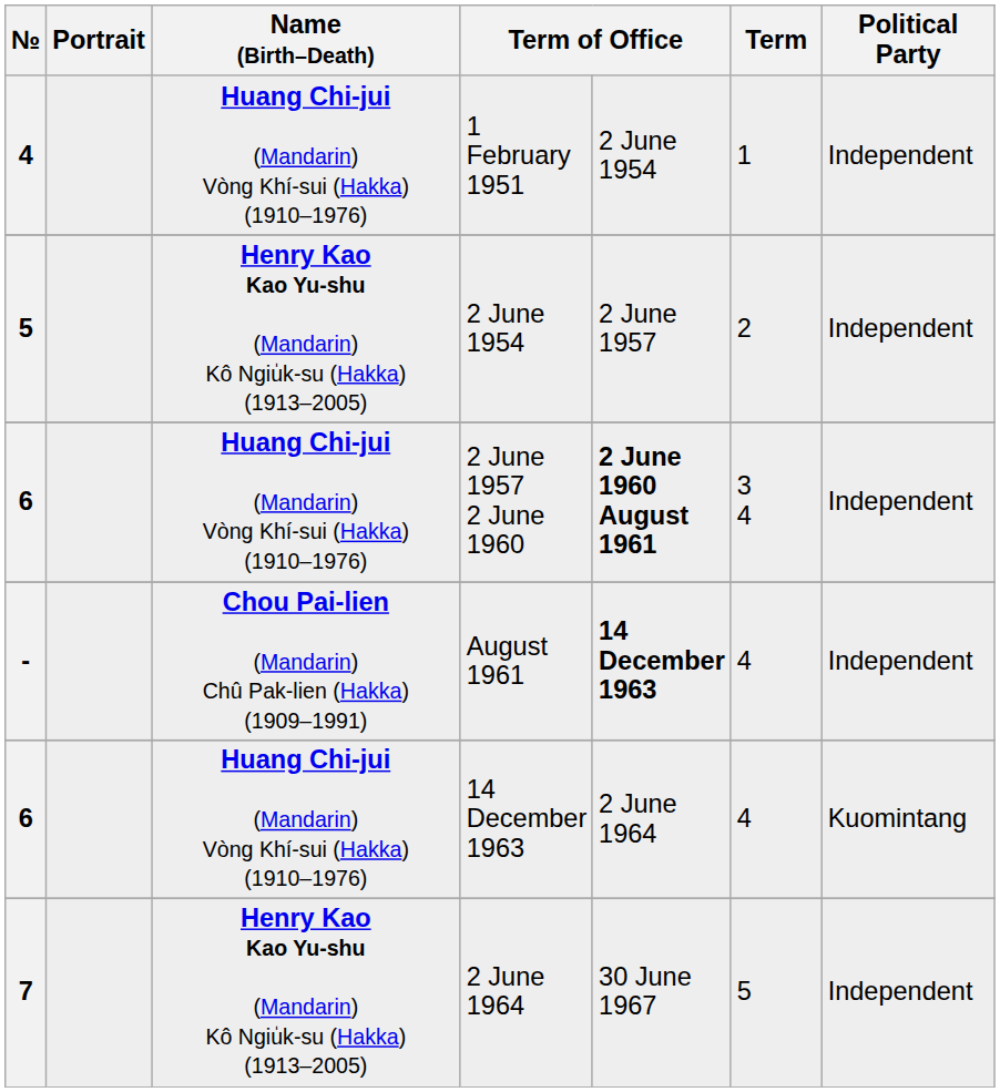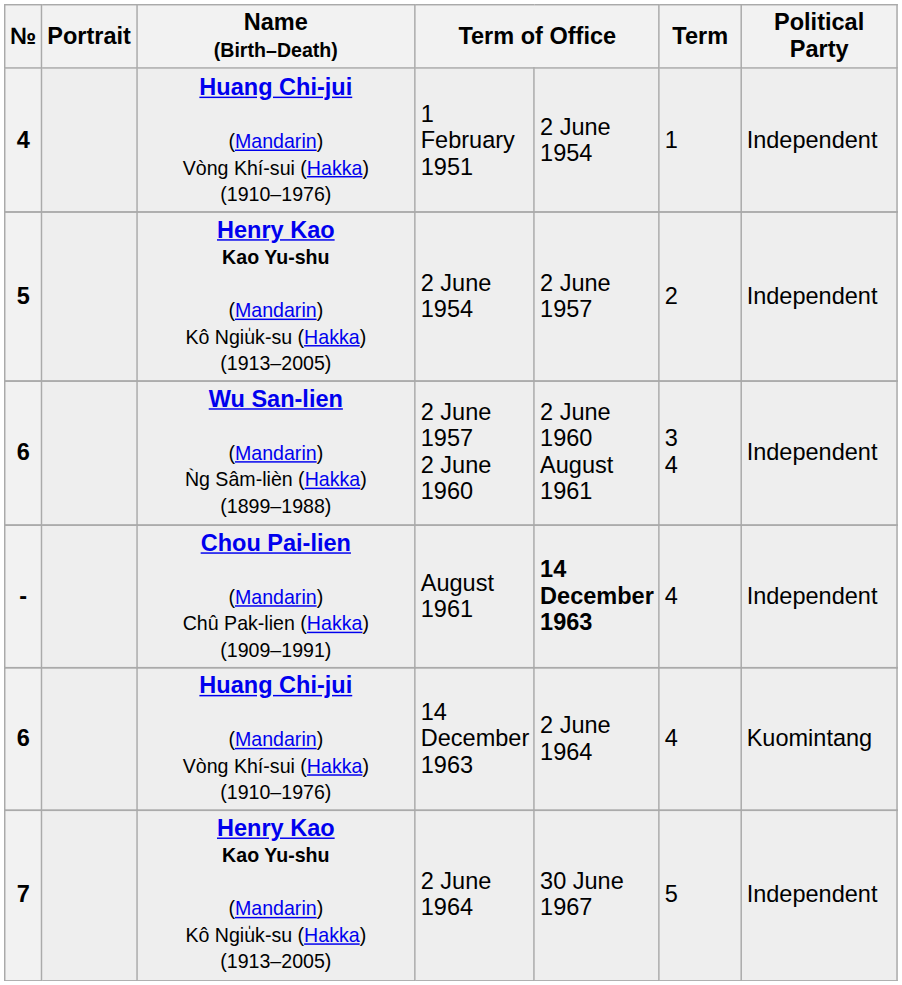 <table class=wikitable>
 <tr>
 <th>№</th>
 <th>Portrait</th>
 <th width="200">Name<br><small>(Birth–Death)</small></th>
 <th colspan=2 width="300">Term of Office</th>
 <th width = "50">Term</th>
 <th width="100">Political Party</th>
 </tr>
 <tr - bgcolor=#EEEEEE>
 <th style="background:">4</th>
 <td></td>
 <td align=center><strong><a href='#'>Huang Chi-jui</a></strong> <br><br><small> (<a href='#'>Mandarin</a>)<br>Vòng Khí-sui (<a href='#'>Hakka</a>)<br>(1910–1976)</small></td>
 <td>1 February 1951</td>
 <td>2 June 1954</td>
 <td>1</td>
 <td>Independent</td>
 </tr>
 <tr ->
 </tr>
 <tr - bgcolor=#EEEEEE>
 <th style="background:">5</th>
 <td></td>
 <td align=center><strong><a href='#'>Henry Kao</a></strong> <br><small><strong>Kao Yu-shu</strong></small><br><br><small> (<a href='#'>Mandarin</a>)<br>Kô Ngiu̍k-su (<a href='#'>Hakka</a>)<br>(1913–2005)</small></td>
 <td>2 June 1954</td>
 <td>2 June 1957</td>
 <td>2</td>
 <td>Independent</td>
 </tr>
 <tr ->
 </tr>
 <tr - bgcolor=#EEEEEE>
 <th style="background:">6</th>
 <td></td>
-<td align=center><strong><a href='#'>Huang Chi-jui</a></strong> <br>       <br>        <small> (<a href='#'>Mandarin</a>)<br>      Vòng Khí-sui (<a href='#'>Hakka</a>)<br>        (1910–1976)</small></td>
+<td align=center><strong><a href='#'>Wu San-lien</a></strong> <br><br><small> (<a href='#'>Mandarin</a>)<br>Ǹg Sâm-lièn (<a href='#'>Hakka</a>)<br>(1899–1988)</small></td>
 <td>2 June 1957<br>2 June 1960</td>
-<td><strong>2 June 1960<br>August 1961</strong></td>
+<td>2 June 1960<br>August 1961</td>
 <td>3<br>4</td>
 <td>Independent</td>
 </tr>
 <tr ->
 </tr>
 <tr ->
 </tr>
 <tr - bgcolor=#EEEEEE>
 <th style="background:">-</th>
 <td></td>
 <td align=center><strong><a href='#'>Chou Pai-lien</a></strong><br><br><small> (<a href='#'>Mandarin</a>)<br>Chû Pak-lien (<a href='#'>Hakka</a>)<br>(1909–1991)</small></td>
 <td>August 1961</td>
 <td><strong>14 December 1963</strong></td>
 <td>4</td>
 <td>Independent</td>
 </tr>
 <tr ->
 </tr>
 <tr - bgcolor=#EEEEEE>
 <th style="background:">6</th>
 <td></td>
 <td align=center><strong><a href='#'>Huang Chi-jui</a></strong> <br><br><small> (<a href='#'>Mandarin</a>)<br>Vòng Khí-sui (<a href='#'>Hakka</a>)<br>(1910–1976)</small></td>
 <td>14 December 1963</td>
 <td>2 June 1964</td>
 <td>4</td>
 <td>Kuomintang</td>
 </tr>
 <tr ->
 </tr>
 <tr - bgcolor=#EEEEEE>
 <th style="background:">7</th>
 <td></td>
 <td align=center><strong><a href='#'>Henry Kao</a></strong> <br><small><strong>Kao Yu-shu</strong></small><br><br><small> (<a href='#'>Mandarin</a>)<br>Kô Ngiu̍k-su (<a href='#'>Hakka</a>)<br>(1913–2005)</small></td>
 <td>2 June 1964</td>
 <td>30 June 1967</td>
 <td>5</td>
 <td>Independent</td>
 </tr>
 </table>
